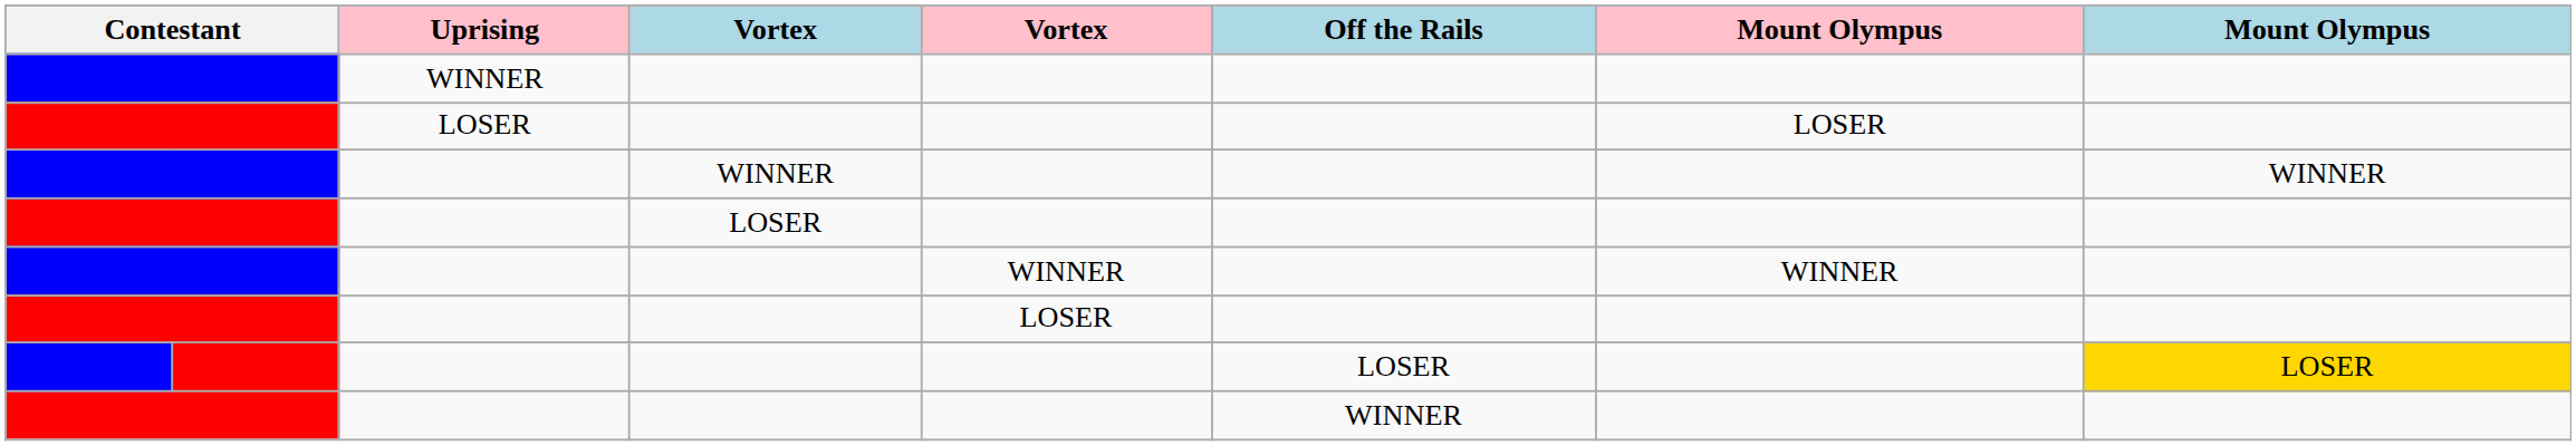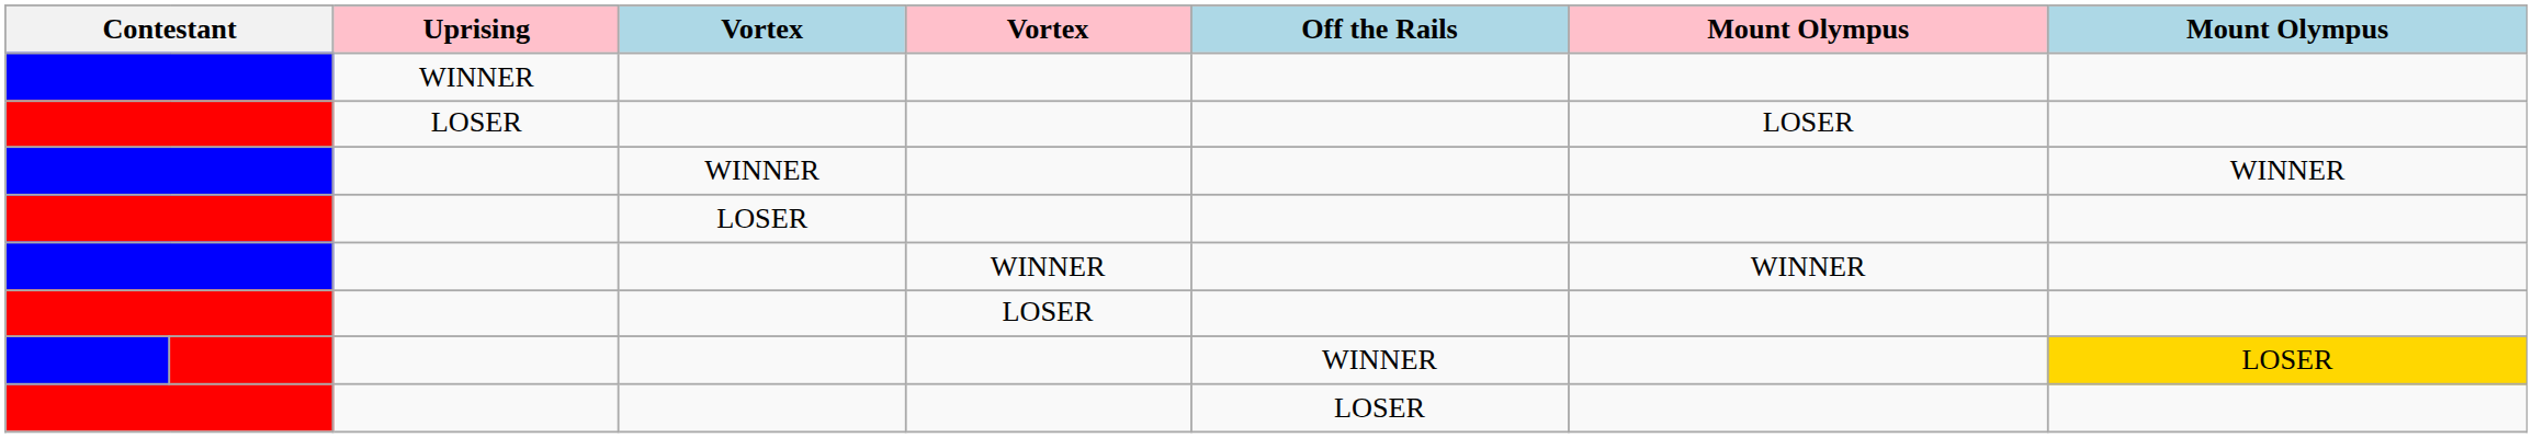 <table class="wikitable" style="text-align:center; font-size:90%; width:100%">
 <tr>
 <th colspan="2">Contestant</th>
 <th style="background:pink;">Uprising</th>
 <th style="background:lightblue;">Vortex</th>
 <th style="background:pink;">Vortex</th>
 <th style="background:lightblue;">Off the Rails</th>
 <th style="background:pink;">Mount Olympus</th>
 <th style="background:lightblue;">Mount Olympus</th>
 </tr>
 <tr>
 <td style="background:blue;" colspan="2"></td>
 <td>WINNER</td>
 <td></td>
 <td></td>
 <td></td>
 <td></td>
 <td></td>
 </tr>
 <tr>
 <td style="background:red;" colspan="2"></td>
 <td>LOSER</td>
 <td></td>
 <td></td>
 <td></td>
 <td>LOSER</td>
 <td></td>
 </tr>
 <tr>
 <td style="background:blue;" colspan="2"></td>
 <td></td>
 <td>WINNER</td>
 <td></td>
 <td></td>
 <td></td>
 <td>WINNER</td>
 </tr>
 <tr>
 <td style="background:red;" colspan="2"></td>
 <td></td>
 <td>LOSER</td>
 <td></td>
 <td></td>
 <td></td>
 <td></td>
 </tr>
 <tr>
 <td style="background:blue;" colspan="2"></td>
 <td></td>
 <td></td>
 <td>WINNER</td>
 <td></td>
 <td>WINNER</td>
 <td></td>
 </tr>
 <tr>
 <td style="background:red;" colspan="2"></td>
 <td></td>
 <td></td>
 <td>LOSER</td>
 <td></td>
 <td></td>
 <td></td>
 </tr>
 <tr>
 <td style="background:blue;"></td>
 <td style="background:red;"></td>
 <td></td>
 <td></td>
 <td></td>
-<td>LOSER</td>
+<td>WINNER</td>
 <td></td>
 <td style="background: gold;">LOSER</td>
 </tr>
 <tr>
 <td style="background:red;" colspan="2"></td>
 <td></td>
 <td></td>
 <td></td>
-<td>WINNER</td>
+<td>LOSER</td>
 <td></td>
 <td></td>
 </tr>
 </table>
